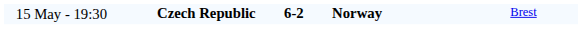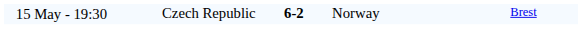 <table style="width: 100%; background:#F5FAFF;" cellspacing="0">
 <tr>
 <td align=center rowspan=3 width=20%>15 May - 19:30</td>
 </tr>
 <tr>
-<td width=24% align=right><strong>Czech Republic</strong></td>
+<td width=24% align=right>Czech Republic</td>
 <td align=center width=13%><strong>6-2</strong></td>
-<td width=24%><strong>Norway</strong></td>
+<td width=24%>Norway</td>
 <td style=font-size:85% rowspan=3 valign=top align=center><a href='#'>Brest</a></td>
 </tr>
 <tr style=font-size:85%>
 <td align=right valign=top></td>
 <td></td>
 <td></td>
 </tr>
 </table>
